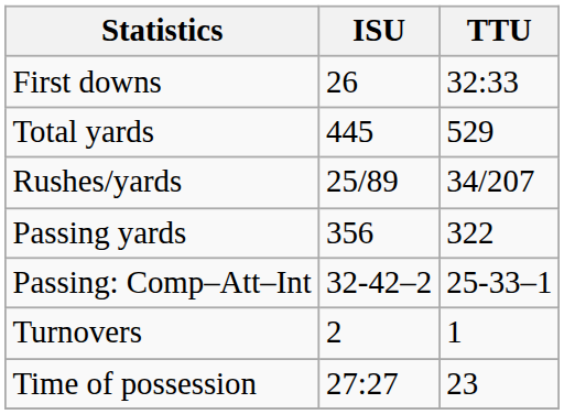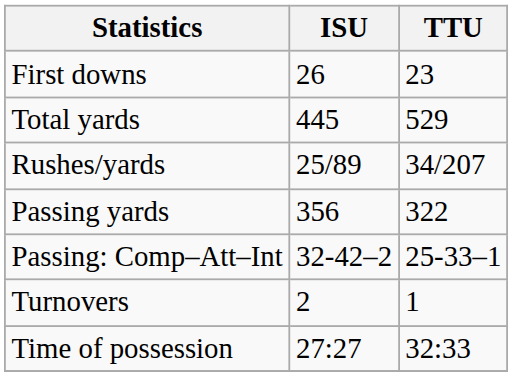 <table class="wikitable" style="float: left;">
 <tr>
 <th>Statistics</th>
 <th>ISU</th>
 <th>TTU</th>
 </tr>
 <tr>
 <td>First downs</td>
 <td>26</td>
-<td>32:33</td>
+<td>23</td>
 </tr>
 <tr>
 <td>Total yards</td>
 <td>445</td>
 <td>529</td>
 </tr>
 <tr>
 <td>Rushes/yards</td>
 <td>25/89</td>
 <td>34/207</td>
 </tr>
 <tr>
 <td>Passing yards</td>
 <td>356</td>
 <td>322</td>
 </tr>
 <tr>
 <td>Passing: Comp–Att–Int</td>
 <td>32-42–2</td>
 <td>25-33–1</td>
 </tr>
 <tr>
 <td>Turnovers</td>
 <td>2</td>
 <td>1</td>
 </tr>
 <tr>
 <td>Time of possession</td>
 <td>27:27</td>
-<td>23</td>
+<td>32:33</td>
 </tr>
 <tr>
 </tr>
 </table>
